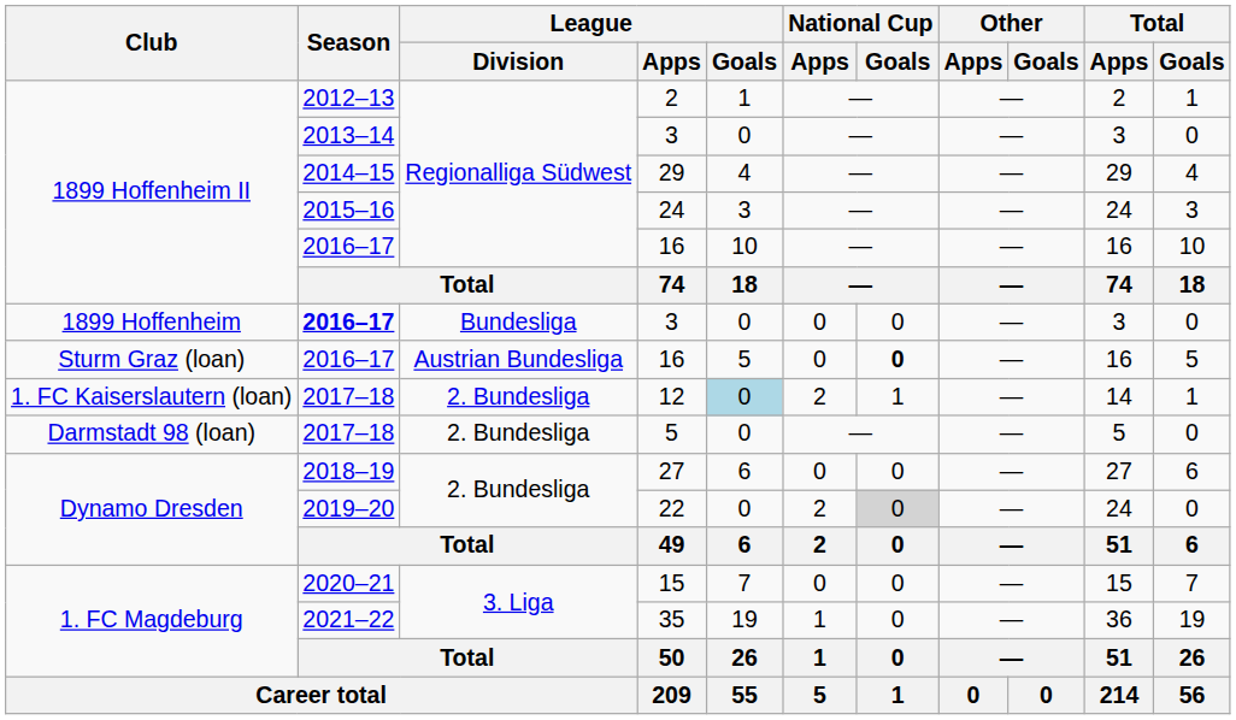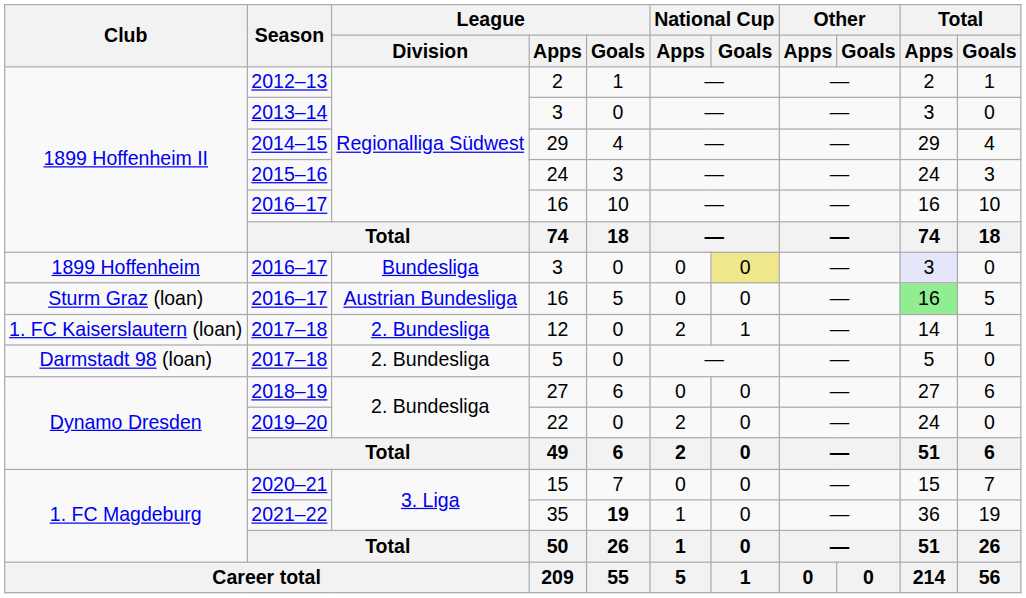 <table class="wikitable" style="text-align:center">
 <tr>
 <th rowspan="2">Club</th>
 <th rowspan="2">Season</th>
 <th colspan="3">League</th>
 <th colspan="2">National Cup</th>
 <th colspan="2">Other</th>
 <th colspan="2">Total</th>
 </tr>
 <tr>
 <th>Division</th>
 <th>Apps</th>
 <th>Goals</th>
 <th>Apps</th>
 <th>Goals</th>
 <th>Apps</th>
 <th>Goals</th>
 <th>Apps</th>
 <th>Goals</th>
 </tr>
 <tr>
 <td rowspan="6"><a href='#'>1899 Hoffenheim II</a></td>
 <td><a href='#'>2012–13</a></td>
 <td rowspan="5"><a href='#'>Regionalliga Südwest</a></td>
 <td>2</td>
 <td>1</td>
 <td colspan="2">—</td>
 <td colspan="2">—</td>
 <td>2</td>
 <td>1</td>
 </tr>
 <tr>
 <td><a href='#'>2013–14</a></td>
 <td>3</td>
 <td>0</td>
 <td colspan="2">—</td>
 <td colspan="2">—</td>
 <td>3</td>
 <td>0</td>
 </tr>
 <tr>
 <td><a href='#'>2014–15</a></td>
 <td>29</td>
 <td>4</td>
 <td colspan="2">—</td>
 <td colspan="2">—</td>
 <td>29</td>
 <td>4</td>
 </tr>
 <tr>
 <td><a href='#'>2015–16</a></td>
 <td>24</td>
 <td>3</td>
 <td colspan="2">—</td>
 <td colspan="2">—</td>
 <td>24</td>
 <td>3</td>
 </tr>
 <tr>
 <td><a href='#'>2016–17</a></td>
 <td>16</td>
 <td>10</td>
 <td colspan="2">—</td>
 <td colspan="2">—</td>
 <td>16</td>
 <td>10</td>
 </tr>
 <tr>
 <th colspan="2">Total</th>
 <th>74</th>
 <th>18</th>
 <th colspan="2">—</th>
 <th colspan="2">—</th>
 <th>74</th>
 <th>18</th>
 </tr>
 <tr>
 <td><a href='#'>1899 Hoffenheim</a></td>
-<td><strong><a href='#'>2016–17</a></strong></td>
+<td><a href='#'>2016–17</a></td>
 <td><a href='#'>Bundesliga</a></td>
 <td>3</td>
 <td>0</td>
 <td>0</td>
-<td>0</td>
+<td style="background: khaki;">0</td>
 <td colspan="2">—</td>
-<td>3</td>
+<td style="background: lavender;">3</td>
 <td>0</td>
 </tr>
 <tr>
 <td><a href='#'>Sturm Graz</a> (loan)</td>
 <td><a href='#'>2016–17</a></td>
 <td><a href='#'>Austrian Bundesliga</a></td>
 <td>16</td>
 <td>5</td>
 <td>0</td>
-<td><strong>0</strong></td>
+<td>0</td>
 <td colspan="2">—</td>
-<td>16</td>
+<td style="background: lightgreen;">16</td>
 <td>5</td>
 </tr>
 <tr>
 <td><a href='#'>1. FC Kaiserslautern</a> (loan)</td>
 <td><a href='#'>2017–18</a></td>
 <td><a href='#'>2. Bundesliga</a></td>
 <td>12</td>
-<td style="background: lightblue;">0</td>
+<td>0</td>
 <td>2</td>
 <td>1</td>
 <td colspan="2">—</td>
 <td>14</td>
 <td>1</td>
 </tr>
 <tr>
 <td><a href='#'>Darmstadt 98</a> (loan)</td>
 <td><a href='#'>2017–18</a></td>
 <td>2. Bundesliga</td>
 <td>5</td>
 <td>0</td>
 <td colspan="2">—</td>
 <td colspan="2">—</td>
 <td>5</td>
 <td>0</td>
 </tr>
 <tr>
 <td rowspan="3"><a href='#'>Dynamo Dresden</a></td>
 <td><a href='#'>2018–19</a></td>
 <td rowspan="2">2. Bundesliga</td>
 <td>27</td>
 <td>6</td>
 <td>0</td>
 <td>0</td>
 <td colspan="2">—</td>
 <td>27</td>
 <td>6</td>
 </tr>
 <tr>
 <td><a href='#'>2019–20</a></td>
 <td>22</td>
 <td>0</td>
 <td>2</td>
-<td style="background: lightgrey;">0</td>
+<td>0</td>
 <td colspan="2">—</td>
 <td>24</td>
 <td>0</td>
 </tr>
 <tr>
 <th colspan="2">Total</th>
 <th>49</th>
 <th>6</th>
 <th>2</th>
 <th>0</th>
 <th colspan="2">—</th>
 <th>51</th>
 <th>6</th>
 </tr>
 <tr>
 <td rowspan="3"><a href='#'>1. FC Magdeburg</a></td>
 <td><a href='#'>2020–21</a></td>
 <td rowspan="2"><a href='#'>3. Liga</a></td>
 <td>15</td>
 <td>7</td>
 <td>0</td>
 <td>0</td>
 <td colspan="2">—</td>
 <td>15</td>
 <td>7</td>
 </tr>
 <tr>
 <td><a href='#'>2021–22</a></td>
 <td>35</td>
-<td>19</td>
+<td><strong>19</strong></td>
 <td>1</td>
 <td>0</td>
 <td colspan="2">—</td>
 <td>36</td>
 <td>19</td>
 </tr>
 <tr>
 <th colspan="2">Total</th>
 <th>50</th>
 <th>26</th>
 <th>1</th>
 <th>0</th>
 <th colspan="2">—</th>
 <th>51</th>
 <th>26</th>
 </tr>
 <tr>
 <th colspan="3">Career total</th>
 <th>209</th>
 <th>55</th>
 <th>5</th>
 <th>1</th>
 <th>0</th>
 <th>0</th>
 <th>214</th>
 <th>56</th>
 </tr>
 </table>
